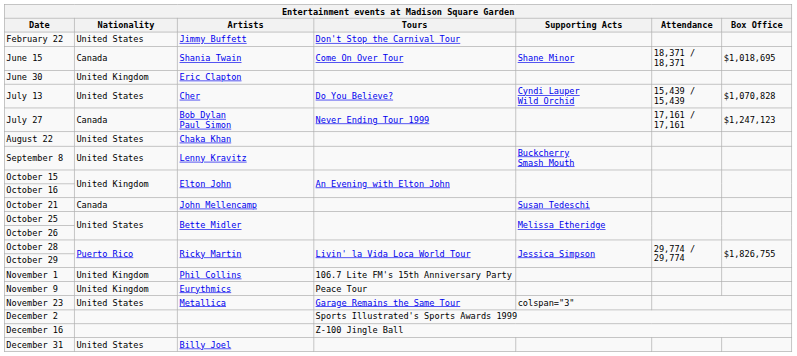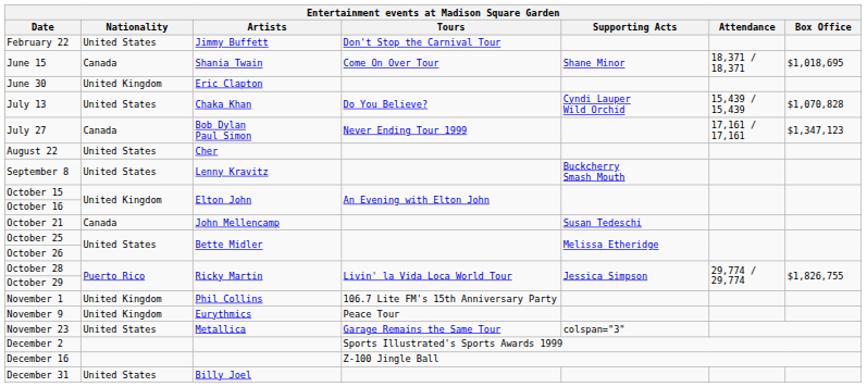 <table class="wikitable">
 <tr>
 <th colspan="7">Entertainment events at Madison Square Garden</th>
 </tr>
 <tr>
 <th width=100>Date</th>
 <th width=150>Nationality</th>
 <th width=200>Artists</th>
 <th width=300>Tours</th>
 <th width=200>Supporting Acts</th>
 <th width=100>Attendance</th>
 <th width=100>Box Office</th>
 </tr>
 <tr>
 <td>February 22</td>
 <td>United States</td>
 <td><a href='#'>Jimmy Buffett</a></td>
 <td><a href='#'>Don't Stop the Carnival Tour</a></td>
 <td></td>
 <td></td>
 <td></td>
 </tr>
 <tr>
 <td>June 15</td>
 <td>Canada</td>
 <td><a href='#'>Shania Twain</a></td>
 <td><a href='#'>Come On Over Tour</a></td>
 <td><a href='#'>Shane Minor</a></td>
 <td>18,371 / 18,371</td>
 <td>$1,018,695</td>
 </tr>
 <tr>
 <td>June 30</td>
 <td>United Kingdom</td>
 <td><a href='#'>Eric Clapton</a></td>
 <td></td>
 <td></td>
 <td></td>
 <td></td>
 </tr>
 <tr>
 <td>July 13</td>
 <td>United States</td>
-<td><a href='#'>Cher</a></td>
+<td><a href='#'>Chaka Khan</a></td>
 <td><a href='#'>Do You Believe?</a></td>
 <td><a href='#'>Cyndi Lauper</a><br><a href='#'>Wild Orchid</a></td>
 <td>15,439 / 15,439</td>
 <td>$1,070,828</td>
 </tr>
 <tr>
 <td>July 27</td>
 <td>Canada</td>
 <td><a href='#'>Bob Dylan</a><br><a href='#'>Paul Simon</a></td>
 <td><a href='#'>Never Ending Tour 1999</a></td>
 <td></td>
 <td>17,161 / 17,161</td>
-<td>$1,247,123</td>
+<td>$1,347,123</td>
 </tr>
 <tr>
 <td>August 22</td>
 <td>United States</td>
-<td><a href='#'>Chaka Khan</a></td>
+<td><a href='#'>Cher</a></td>
 <td></td>
 <td></td>
 <td></td>
 <td></td>
 </tr>
 <tr>
 <td>September 8</td>
 <td>United States</td>
 <td><a href='#'>Lenny Kravitz</a></td>
 <td></td>
 <td><a href='#'>Buckcherry</a><br><a href='#'>Smash Mouth</a></td>
 <td></td>
 <td></td>
 </tr>
 <tr>
 <td>October 15</td>
 <td rowspan=2>United Kingdom</td>
 <td rowspan=2><a href='#'>Elton John</a></td>
 <td rowspan=2><a href='#'>An Evening with Elton John</a></td>
 <td rowspan=2></td>
 <td rowspan=2></td>
 <td rowspan=2></td>
 </tr>
 <tr>
 <td>October 16</td>
 </tr>
 <tr>
 <td>October 21</td>
 <td>Canada</td>
 <td><a href='#'>John Mellencamp</a></td>
 <td></td>
 <td><a href='#'>Susan Tedeschi</a></td>
 <td></td>
 <td></td>
 </tr>
 <tr>
 <td>October 25</td>
 <td rowspan=2>United States</td>
 <td rowspan=2><a href='#'>Bette Midler</a></td>
 <td rowspan=2></td>
 <td rowspan=2><a href='#'>Melissa Etheridge</a></td>
 <td rowspan=2></td>
 <td rowspan=2></td>
 </tr>
 <tr>
 <td>October 26</td>
 </tr>
 <tr>
 <td>October 28</td>
 <td rowspan=2><a href='#'>Puerto Rico</a></td>
 <td rowspan=2><a href='#'>Ricky Martin</a></td>
 <td rowspan=2><a href='#'>Livin' la Vida Loca World Tour</a></td>
 <td rowspan=2><a href='#'>Jessica Simpson</a></td>
 <td rowspan=2>29,774 / 29,774</td>
 <td rowspan=2>$1,826,755</td>
 </tr>
 <tr>
 <td>October 29</td>
 </tr>
 <tr>
 <td>November 1</td>
 <td>United Kingdom</td>
 <td><a href='#'>Phil Collins</a></td>
 <td>106.7 Lite FM's 15th Anniversary Party</td>
 <td></td>
 <td></td>
 <td></td>
 </tr>
 <tr>
 <td>November 9</td>
 <td>United Kingdom</td>
 <td><a href='#'>Eurythmics</a></td>
 <td>Peace Tour</td>
 <td></td>
 <td></td>
 <td></td>
 </tr>
 <tr>
 <td>November 23</td>
 <td>United States</td>
 <td><a href='#'>Metallica</a></td>
 <td><a href='#'>Garage Remains the Same Tour</a></td>
 <td>colspan="3" </td>
 </tr>
 <tr>
 <td>December 2</td>
 <td></td>
 <td></td>
 <td colspan="4">Sports Illustrated's Sports Awards 1999</td>
 </tr>
 <tr>
 <td>December 16</td>
 <td></td>
 <td></td>
 <td colspan="4">Z-100 Jingle Ball</td>
 </tr>
 <tr>
 <td>December 31</td>
 <td>United States</td>
 <td><a href='#'>Billy Joel</a></td>
 <td></td>
 <td></td>
 <td></td>
 <td></td>
 </tr>
 </table>
